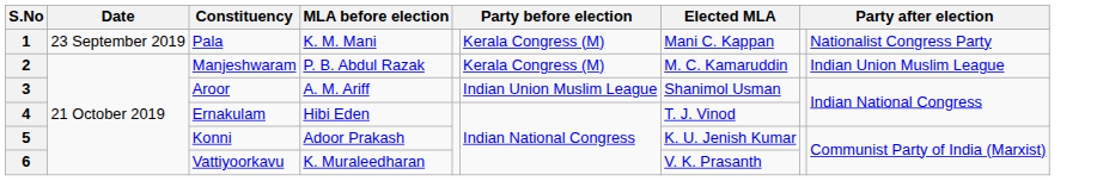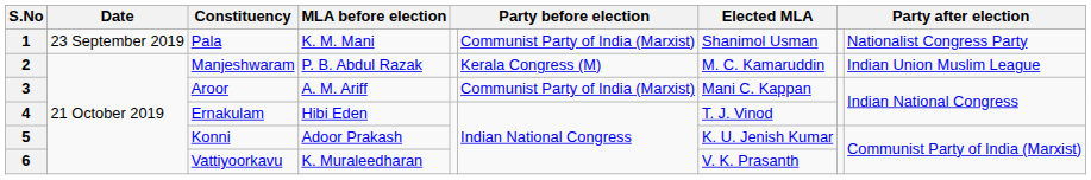 <table class="wikitable sortable">
 <tr>
 <th>S.No</th>
 <th>Date</th>
 <th>Constituency</th>
 <th>MLA before election</th>
 <th colspan="2">Party before election</th>
 <th>Elected MLA</th>
 <th colspan="2">Party after election</th>
 </tr>
 <tr>
 <th>1</th>
 <td>23 September 2019</td>
 <td><a href='#'>Pala</a></td>
 <td><a href='#'>K. M. Mani</a></td>
 <td></td>
-<td><a href='#'>Kerala Congress (M)</a></td>
-<td><a href='#'>Mani C. Kappan</a></td>
+<td><a href='#'>Communist Party of India (Marxist)</a></td>
+<td><a href='#'>Shanimol Usman</a></td>
 <td></td>
 <td><a href='#'>Nationalist Congress Party</a></td>
 </tr>
 <tr>
 <th>2</th>
 <td rowspan="5">21 October 2019</td>
 <td><a href='#'>Manjeshwaram</a></td>
 <td><a href='#'>P. B. Abdul Razak</a></td>
 <td></td>
 <td><a href='#'>Kerala Congress (M)</a></td>
 <td><a href='#'>M. C. Kamaruddin</a></td>
 <td></td>
 <td><a href='#'>Indian Union Muslim League</a></td>
 </tr>
 <tr>
 <th>3</th>
 <td><a href='#'>Aroor</a></td>
 <td><a href='#'>A. M. Ariff</a></td>
 <td></td>
-<td><a href='#'>Indian Union Muslim League</a></td>
-<td><a href='#'>Shanimol Usman</a></td>
+<td><a href='#'>Communist Party of India (Marxist)</a></td>
+<td><a href='#'>Mani C. Kappan</a></td>
 <td rowspan="2"></td>
 <td rowspan="2"><a href='#'>Indian National Congress</a></td>
 </tr>
 <tr>
 <th>4</th>
 <td><a href='#'>Ernakulam</a></td>
 <td><a href='#'>Hibi Eden</a></td>
 <td rowspan="3"></td>
 <td rowspan="3"><a href='#'>Indian National Congress</a></td>
 <td><a href='#'>T. J. Vinod</a></td>
 </tr>
 <tr>
 <th>5</th>
 <td><a href='#'>Konni</a></td>
 <td><a href='#'>Adoor Prakash</a></td>
 <td><a href='#'>K. U. Jenish Kumar</a></td>
 <td rowspan="2"></td>
 <td rowspan="2"><a href='#'>Communist Party of India (Marxist)</a></td>
 </tr>
 <tr>
 <th>6</th>
 <td><a href='#'>Vattiyoorkavu</a></td>
 <td><a href='#'>K. Muraleedharan</a></td>
 <td><a href='#'>V. K. Prasanth</a></td>
 </tr>
 </table>
